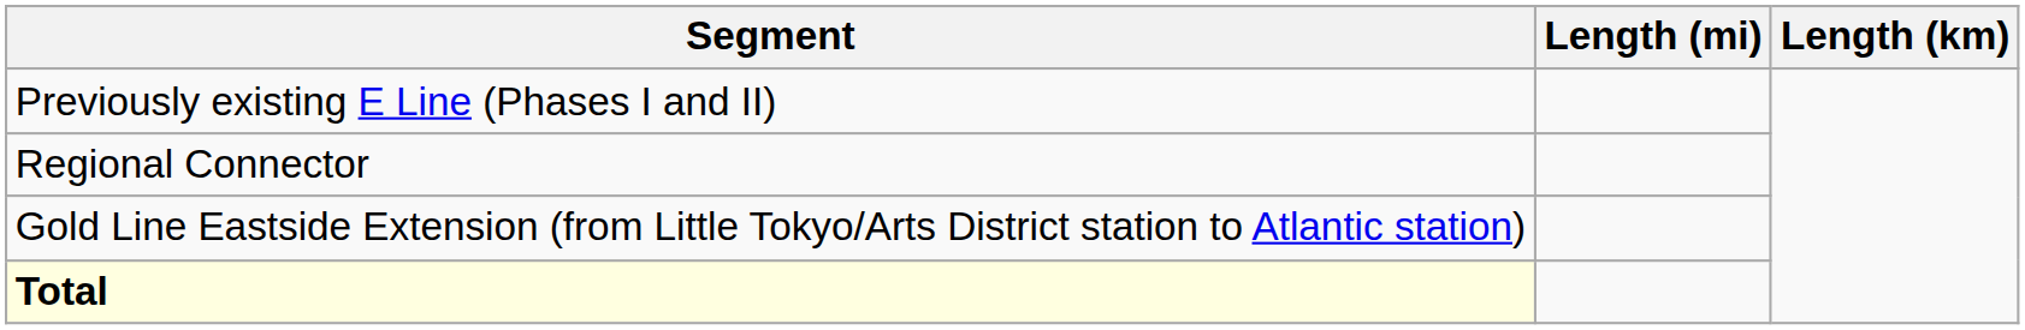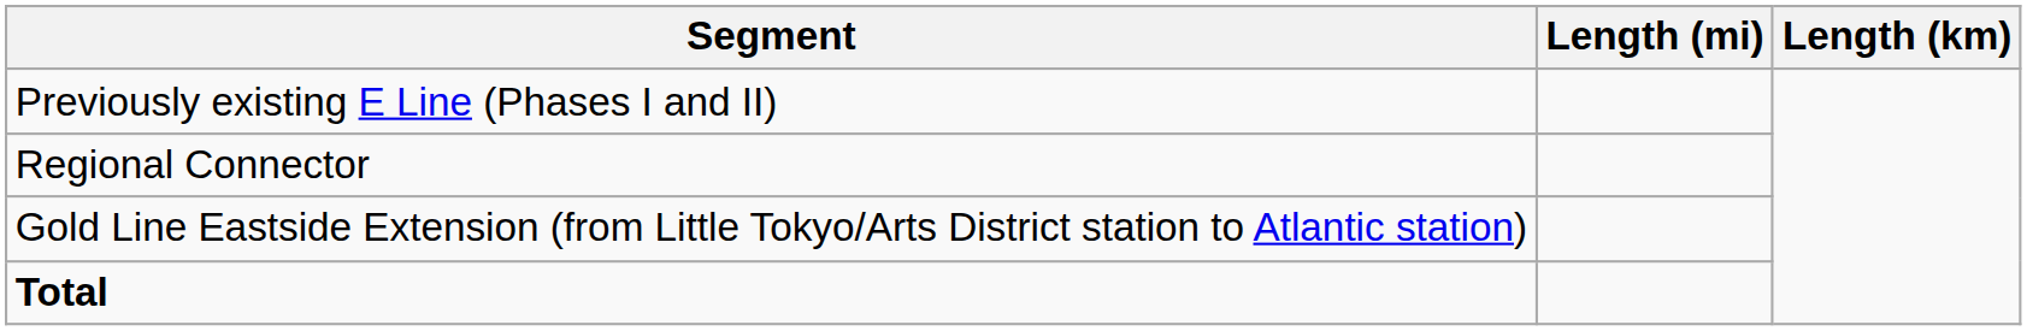 <table class="wikitable">
 <tr>
 <th>Segment</th>
 <th>Length (mi)</th>
 <th>Length (km)</th>
 </tr>
 <tr>
 <td>Previously existing <a href='#'>E Line</a> (Phases I and II)</td>
 <td></td>
 </tr>
 <tr>
 <td>Regional Connector</td>
 <td></td>
 </tr>
 <tr>
 <td>Gold Line Eastside Extension (from Little Tokyo/Arts District station to <a href='#'>Atlantic station</a>)</td>
 <td></td>
 </tr>
 <tr>
-<td style="background: lightyellow;"><strong>Total</strong></td>
+<td><strong>Total</strong></td>
 <td></td>
 </tr>
 </table>
